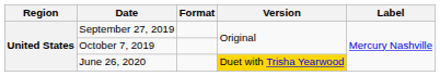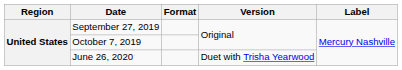 <table class="wikitable plainrowheaders">
 <tr>
 <th scope="col">Region</th>
 <th scope="col">Date</th>
 <th scope="col">Format</th>
 <th scope="col">Version</th>
 <th scope="col">Label</th>
 </tr>
 <tr>
 <th scope="row" rowspan="3">United States</th>
 <td>September 27, 2019</td>
 <td></td>
 <td rowspan="2">Original</td>
 <td rowspan="3"><a href='#'>Mercury Nashville</a></td>
 </tr>
 <tr>
 <td>October 7, 2019</td>
 <td></td>
 </tr>
 <tr>
 <td>June 26, 2020</td>
 <td></td>
-<td style="background: gold;">Duet with <a href='#'>Trisha Yearwood</a></td>
+<td>Duet with <a href='#'>Trisha Yearwood</a></td>
 </tr>
 </table>
